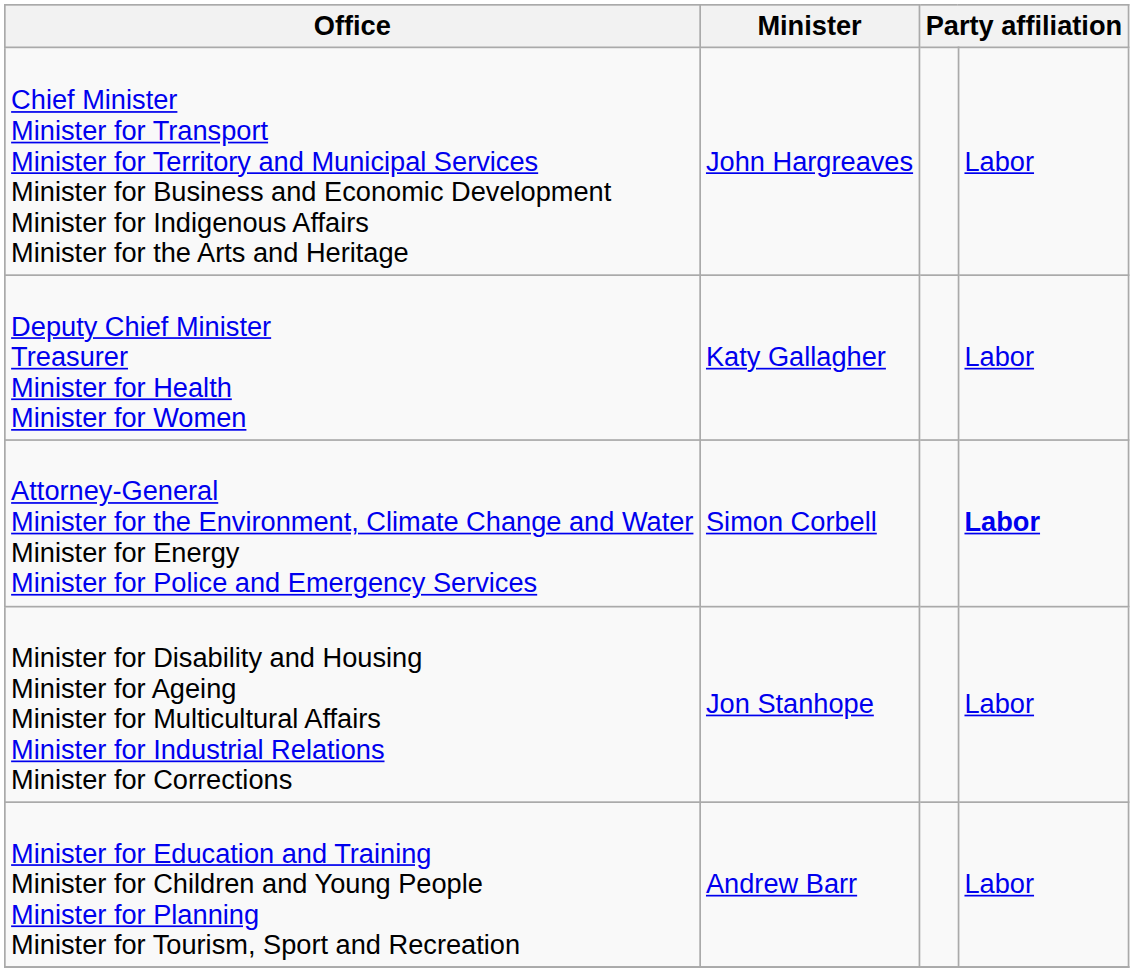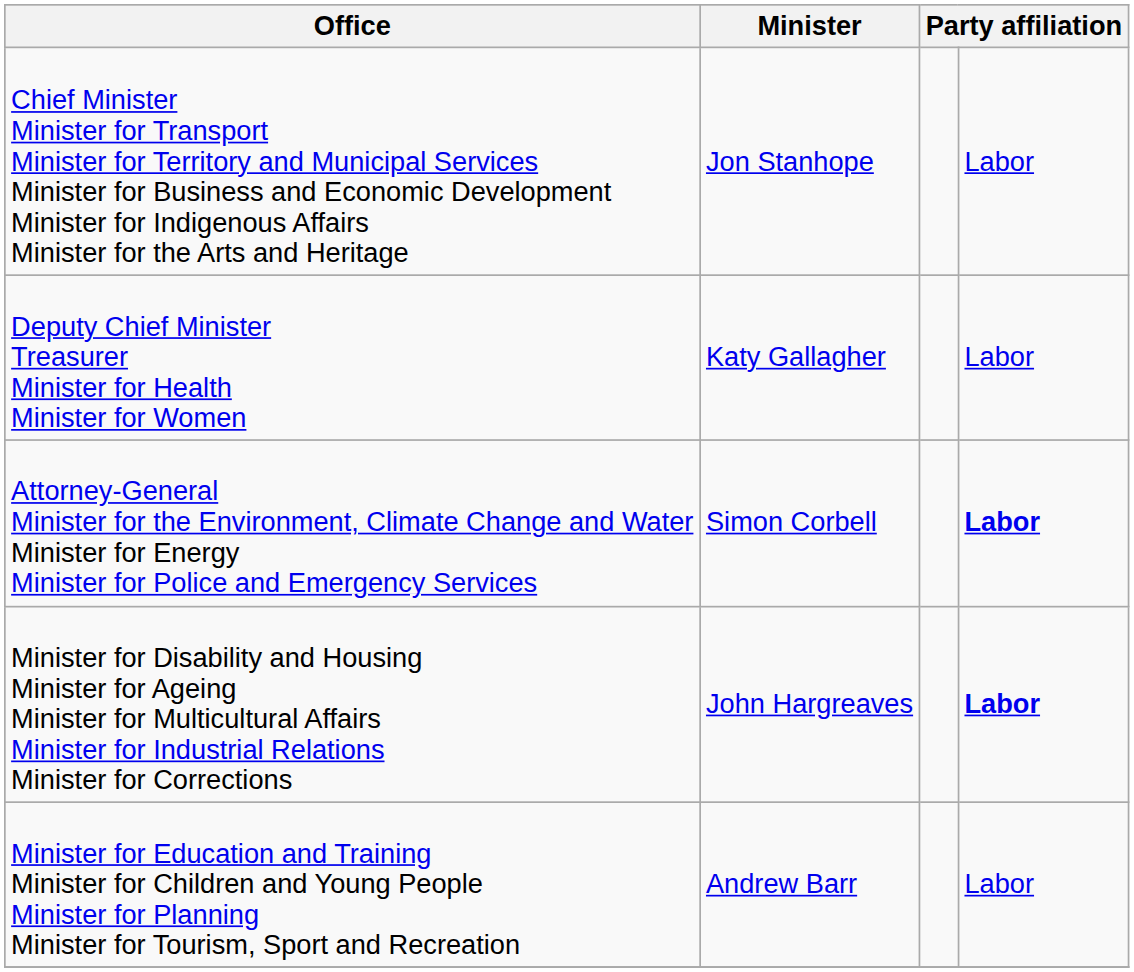 <table class="wikitable">
 <tr>
 <th>Office</th>
 <th>Minister</th>
 <th colspan=2>Party affiliation</th>
 </tr>
 <tr>
 <td><br><a href='#'>Chief Minister</a><br> <a href='#'>Minister for Transport</a><br> <a href='#'>Minister for Territory and Municipal Services</a><br> Minister for Business and Economic Development<br> Minister for Indigenous Affairs <br> Minister for the Arts and Heritage</td>
-<td><a href='#'>John Hargreaves</a></td>
+<td><a href='#'>Jon Stanhope</a></td>
 <td> </td>
 <td><a href='#'>Labor</a></td>
 </tr>
 <tr>
 <td><br><a href='#'>Deputy Chief Minister</a><br> <a href='#'>Treasurer</a><br> <a href='#'>Minister for Health</a><br> <a href='#'>Minister for Women</a></td>
 <td><a href='#'>Katy Gallagher</a></td>
 <td> </td>
 <td><a href='#'>Labor</a></td>
 </tr>
 <tr>
 <td><br><a href='#'>Attorney-General</a><br> <a href='#'>Minister for the Environment, Climate Change and Water</a><br> Minister for Energy<br> <a href='#'>Minister for Police and Emergency Services</a></td>
 <td><a href='#'>Simon Corbell</a></td>
 <td> </td>
 <td><strong><a href='#'>Labor</a></strong></td>
 </tr>
 <tr>
 <td><br>Minister for Disability and Housing<br> Minister for Ageing<br> Minister for Multicultural Affairs<br> <a href='#'>Minister for Industrial Relations</a><br> Minister for Corrections</td>
-<td><a href='#'>Jon Stanhope</a></td>
+<td><a href='#'>John Hargreaves</a></td>
 <td> </td>
-<td><a href='#'>Labor</a></td>
+<td><strong><a href='#'>Labor</a></strong></td>
 </tr>
 <tr>
 <td><br><a href='#'>Minister for Education and Training</a><br> Minister for Children and Young People<br> <a href='#'>Minister for Planning</a><br> Minister for Tourism, Sport and Recreation</td>
 <td><a href='#'>Andrew Barr</a></td>
 <td> </td>
 <td><a href='#'>Labor</a></td>
 </tr>
 <tr>
 </tr>
 </table>
